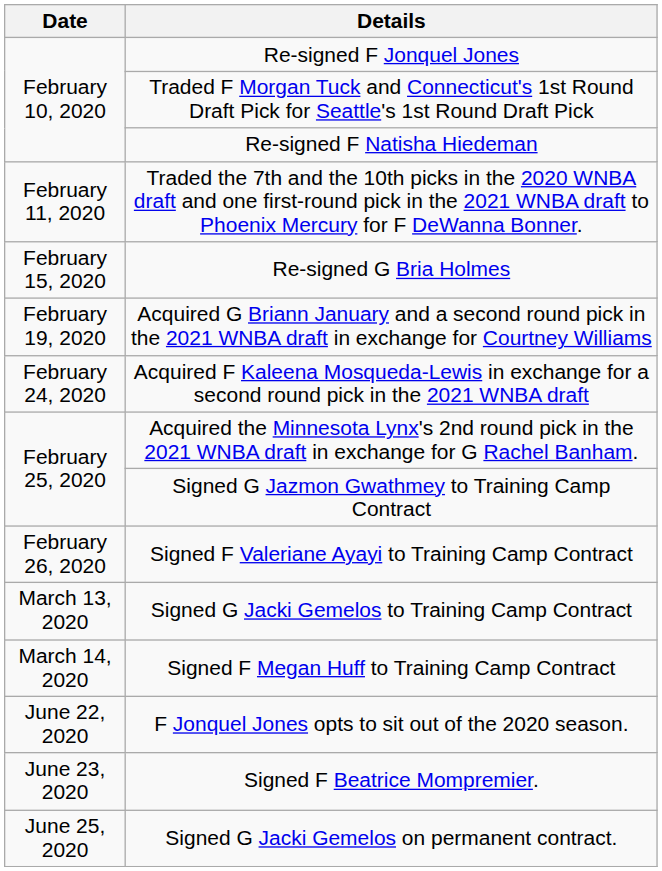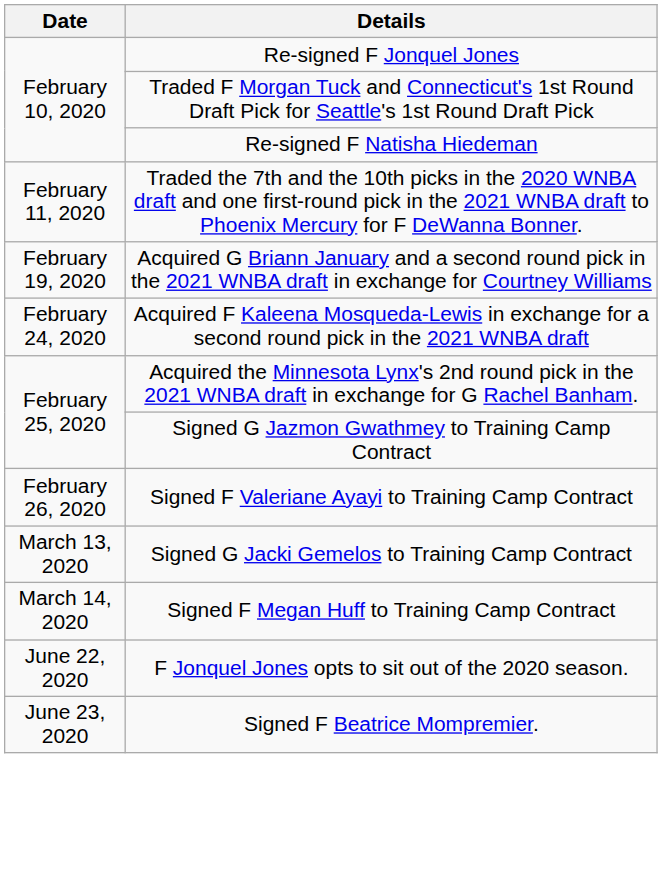 <table class="wikitable" style="width:80%; text-align:center;">
 <tr>
 <th>Date</th>
 <th>Details</th>
 </tr>
 <tr>
 <td rowspan=3>February 10, 2020</td>
 <td>Re-signed F <a href='#'>Jonquel Jones</a></td>
 </tr>
 <tr>
 <td>Traded F <a href='#'>Morgan Tuck</a> and <a href='#'>Connecticut's</a> 1st Round Draft Pick for <a href='#'>Seattle</a>'s 1st Round Draft Pick</td>
 </tr>
 <tr>
 <td>Re-signed F <a href='#'>Natisha Hiedeman</a></td>
 </tr>
 <tr>
 <td>February 11, 2020</td>
 <td>Traded the 7th and the 10th picks in the <a href='#'>2020 WNBA draft</a> and one first-round pick in the <a href='#'>2021 WNBA draft</a> to <a href='#'>Phoenix Mercury</a> for F <a href='#'>DeWanna Bonner</a>.</td>
-</tr>
-<tr>
-<td>February 15, 2020</td>
-<td>Re-signed G <a href='#'>Bria Holmes</a></td>
 </tr>
 <tr>
 <td>February 19, 2020</td>
 <td>Acquired G <a href='#'>Briann January</a> and a second round pick in the <a href='#'>2021 WNBA draft</a> in exchange for <a href='#'>Courtney Williams</a></td>
 </tr>
 <tr>
 <td>February 24, 2020</td>
 <td>Acquired F <a href='#'>Kaleena Mosqueda-Lewis</a> in exchange for a second round pick in the <a href='#'>2021 WNBA draft</a></td>
 </tr>
 <tr>
 <td rowspan=2>February 25, 2020</td>
 <td>Acquired the <a href='#'>Minnesota Lynx</a>'s 2nd round pick in the <a href='#'>2021 WNBA draft</a> in exchange for G <a href='#'>Rachel Banham</a>.</td>
 </tr>
 <tr>
 <td>Signed G <a href='#'>Jazmon Gwathmey</a> to Training Camp Contract</td>
 </tr>
 <tr>
 <td>February 26, 2020</td>
 <td>Signed F <a href='#'>Valeriane Ayayi</a> to Training Camp Contract</td>
 </tr>
 <tr>
 <td>March 13, 2020</td>
 <td>Signed G <a href='#'>Jacki Gemelos</a> to Training Camp Contract</td>
 </tr>
 <tr>
 <td>March 14, 2020</td>
 <td>Signed F <a href='#'>Megan Huff</a> to Training Camp Contract</td>
 </tr>
 <tr>
 <td>June 22, 2020</td>
 <td>F <a href='#'>Jonquel Jones</a> opts to sit out of the 2020 season.</td>
 </tr>
 <tr>
 <td>June 23, 2020</td>
 <td>Signed F <a href='#'>Beatrice Mompremier</a>.</td>
 </tr>
-<tr>
-<td>June 25, 2020</td>
-<td>Signed G <a href='#'>Jacki Gemelos</a> on permanent contract.</td>
-</tr>
 </table>
